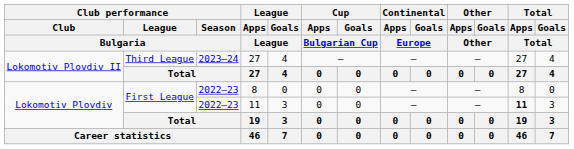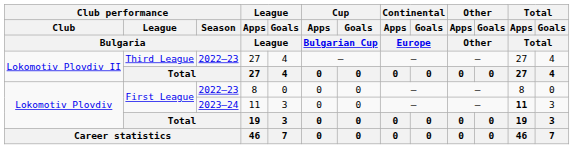 <table class="wikitable" style="text-align: center">
 <tr>
 <th Colspan="3">Club performance</th>
 <th Colspan="2">League</th>
 <th Colspan="2">Cup</th>
 <th Colspan="2">Continental</th>
 <th Colspan="2">Other</th>
 <th Colspan="3">Total</th>
 </tr>
 <tr>
 <th>Club</th>
 <th>League</th>
 <th>Season</th>
 <th>Apps</th>
 <th>Goals</th>
 <th>Apps</th>
 <th>Goals</th>
 <th>Apps</th>
 <th>Goals</th>
 <th>Apps</th>
 <th>Goals</th>
 <th>Apps</th>
 <th>Goals</th>
 </tr>
 <tr>
 <th Colspan="3">Bulgaria</th>
 <th Colspan="2">League</th>
 <th Colspan="2"><a href='#'>Bulgarian Cup</a></th>
 <th Colspan="2"><a href='#'>Europe</a></th>
 <th Colspan="2">Other</th>
 <th Colspan="2">Total</th>
 </tr>
 <tr>
 <td rowspan="2" valign="center"><a href='#'>Lokomotiv Plovdiv II</a></td>
 <td rowspan="1"><a href='#'>Third League</a></td>
-<td><a href='#'>2023–24</a></td>
+<td><a href='#'>2022–23</a></td>
 <td>27</td>
 <td>4</td>
 <td colspan="2">–</td>
 <td colspan="2">–</td>
 <td colspan="2">–</td>
 <td>27</td>
 <td>4</td>
 </tr>
 <tr>
 <th colspan=2>Total</th>
 <th>27</th>
 <th>4</th>
 <th>0</th>
 <th>0</th>
 <th>0</th>
 <th>0</th>
 <th>0</th>
 <th>0</th>
 <th>27</th>
 <th>4</th>
 </tr>
 <tr>
 <td rowspan="3" valign="center"><a href='#'>Lokomotiv Plovdiv</a></td>
 <td rowspan="2"><a href='#'>First League</a></td>
 <td><a href='#'>2022–23</a></td>
 <td>8</td>
 <td>0</td>
 <td>0</td>
 <td>0</td>
 <td colspan="2">–</td>
 <td colspan="2">–</td>
 <td>8</td>
 <td>0</td>
 </tr>
 <tr>
-<td><a href='#'>2022–23</a></td>
+<td><a href='#'>2023–24</a></td>
 <td>11</td>
 <td>3</td>
 <td>0</td>
 <td>0</td>
 <td colspan="2">–</td>
 <td colspan="2">–</td>
 <td><strong>11</strong></td>
 <td>3</td>
 </tr>
 <tr>
 <th colspan=2>Total</th>
 <th>19</th>
 <th>3</th>
 <th>0</th>
 <th>0</th>
 <th>0</th>
 <th>0</th>
 <th>0</th>
 <th>0</th>
 <th>19</th>
 <th>3</th>
 </tr>
 <tr>
 <th colspan="3">Career statistics</th>
 <th>46</th>
 <th>7</th>
 <th>0</th>
 <th>0</th>
 <th>0</th>
 <th>0</th>
 <th>0</th>
 <th>0</th>
 <th>46</th>
 <th>7</th>
 </tr>
 </table>
